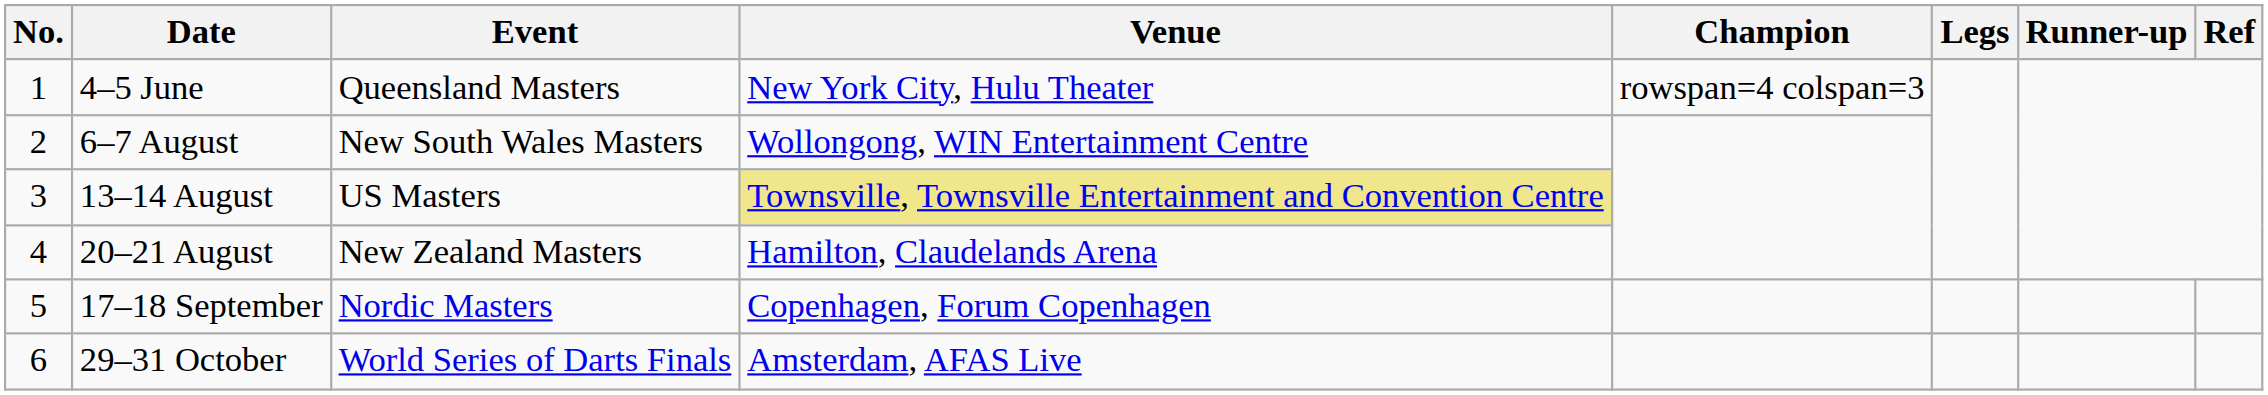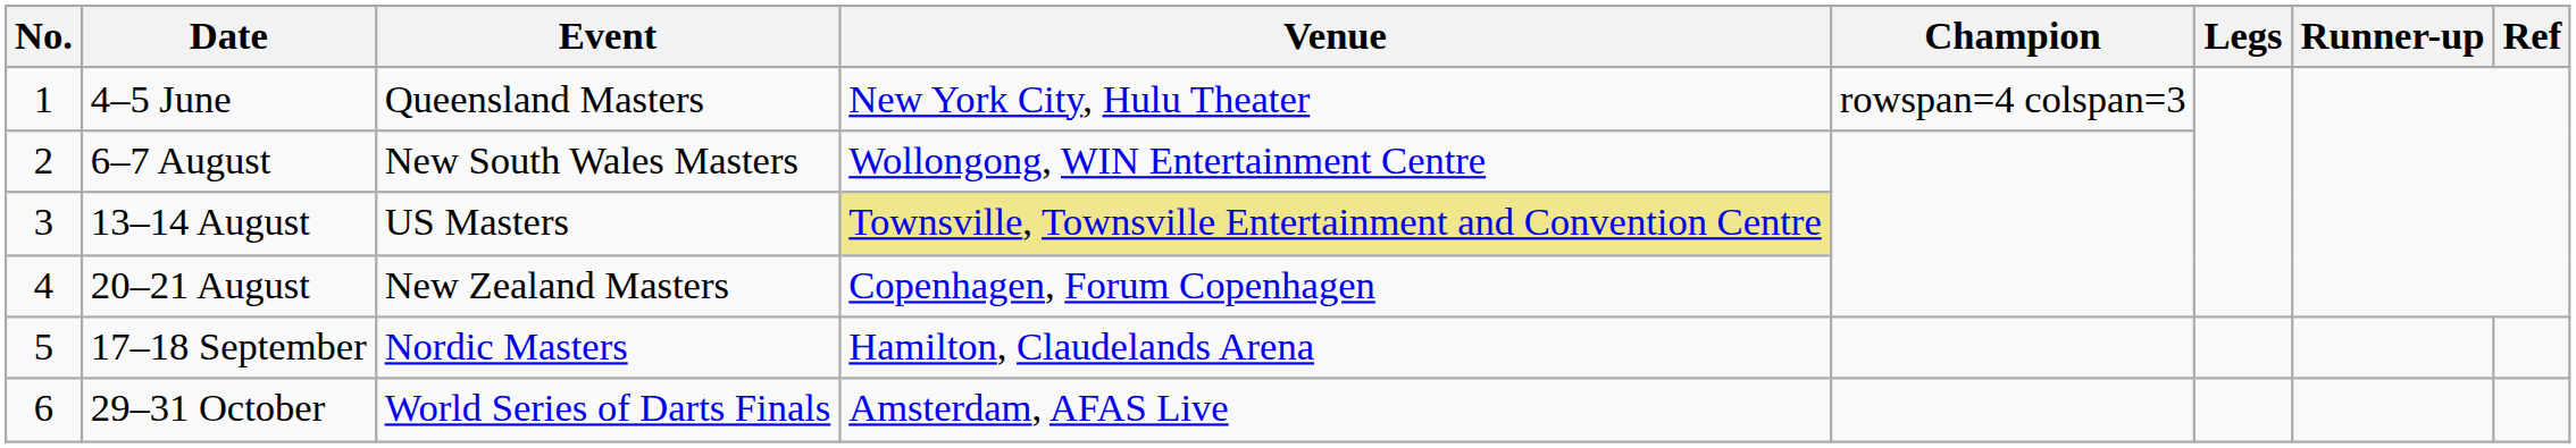 <table class="wikitable">
 <tr>
 <th>No.</th>
 <th>Date</th>
 <th>Event</th>
 <th>Venue</th>
 <th>Champion</th>
 <th>Legs</th>
 <th>Runner-up</th>
 <th>Ref</th>
 </tr>
 <tr>
 <td align=center>1</td>
 <td align=left>4–5 June</td>
 <td>Queensland Masters</td>
 <td> <a href='#'>New York City</a>, <a href='#'>Hulu Theater</a></td>
 <td>rowspan=4 colspan=3 </td>
 <td align="center" rowspan=4></td>
 </tr>
 <tr>
 <td align=center>2</td>
 <td align=left>6–7 August</td>
 <td>New South Wales Masters</td>
 <td> <a href='#'>Wollongong</a>, <a href='#'>WIN Entertainment Centre</a></td>
 </tr>
 <tr>
 <td align=center>3</td>
 <td align=left>13–14 August</td>
 <td>US Masters</td>
 <td style="background: khaki;"> <a href='#'>Townsville</a>, <a href='#'>Townsville Entertainment and Convention Centre</a></td>
 </tr>
 <tr>
 <td align=center>4</td>
 <td align=left>20–21 August</td>
 <td>New Zealand Masters</td>
-<td> <a href='#'>Hamilton</a>, <a href='#'>Claudelands Arena</a></td>
+<td> <a href='#'>Copenhagen</a>, <a href='#'>Forum Copenhagen</a></td>
 </tr>
 <tr>
 <td align=center>5</td>
 <td align=left>17–18 September</td>
 <td><a href='#'>Nordic Masters</a></td>
-<td> <a href='#'>Copenhagen</a>, <a href='#'>Forum Copenhagen</a></td>
+<td> <a href='#'>Hamilton</a>, <a href='#'>Claudelands Arena</a></td>
 <td align=right><strong></strong></td>
 <td></td>
 <td></td>
 <td align="center"></td>
 </tr>
 <tr>
 <td align=center>6</td>
 <td align=left>29–31 October</td>
 <td><a href='#'>World Series of Darts Finals</a></td>
 <td> <a href='#'>Amsterdam</a>, <a href='#'>AFAS Live</a></td>
 <td align=right><strong> </strong></td>
 <td></td>
 <td></td>
 <td align="center"></td>
 </tr>
 </table>
